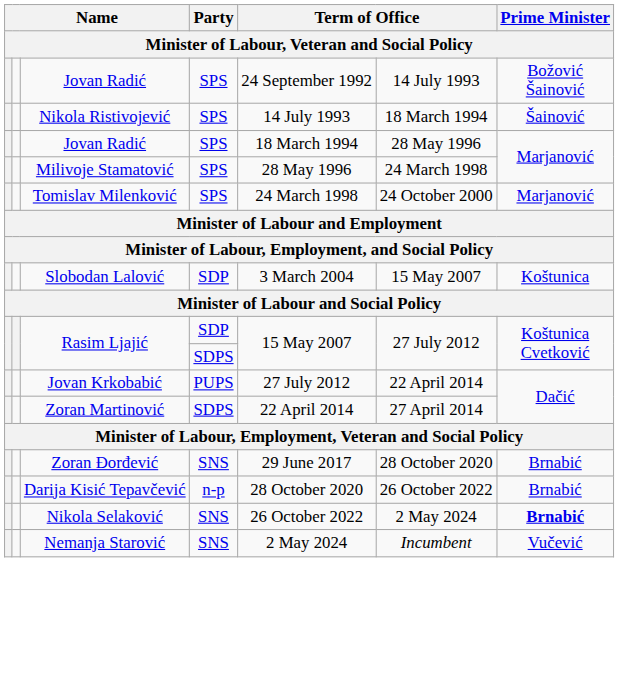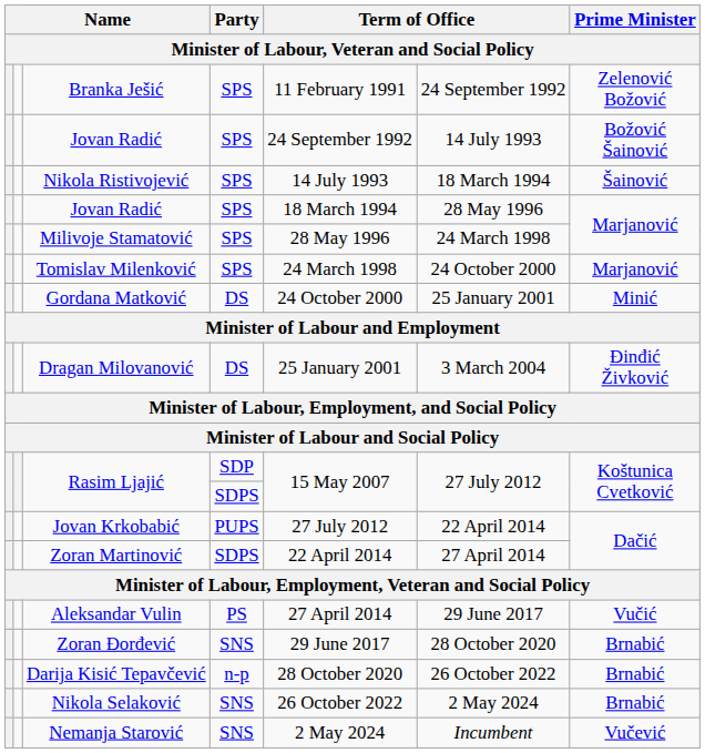 <table class="wikitable" style="text-align:center;">
 <tr>
 <th colspan=3>Name<br></th>
 <th>Party</th>
 <th colspan=2>Term of Office</th>
 <th><a href='#'>Prime Minister</a><br></th>
 </tr>
 <tr>
 <th colspan="7">Minister of Labour, Veteran and Social Policy</th>
+</tr>
+<tr>
+<th style="background:"></th>
+<td></td>
+<td><a href='#'>Branka Ješić</a><br></td>
+<td><a href='#'>SPS</a></td>
+<td>11 February 1991</td>
+<td>24 September 1992</td>
+<td><a href='#'>Zelenović</a> <br><a href='#'>Božović</a> </td>
 </tr>
 <tr>
 <th style="background:"></th>
 <td></td>
 <td><a href='#'>Jovan Radić</a><br></td>
 <td><a href='#'>SPS</a></td>
 <td>24 September 1992</td>
 <td>14 July 1993</td>
 <td><a href='#'>Božović</a> <br><a href='#'>Šainović</a> </td>
 </tr>
 <tr>
 <th style="background:"></th>
 <td></td>
 <td><a href='#'>Nikola Ristivojević</a></td>
 <td><a href='#'>SPS</a></td>
 <td>14 July 1993</td>
 <td>18 March 1994</td>
 <td><a href='#'>Šainović</a> </td>
 </tr>
 <tr>
 <th style="background:"></th>
 <td></td>
 <td><a href='#'>Jovan Radić</a><br></td>
 <td><a href='#'>SPS</a></td>
 <td>18 March 1994</td>
 <td>28 May 1996</td>
 <td rowspan=2><a href='#'>Marjanović</a> </td>
 </tr>
 <tr>
 <th style="background:"></th>
 <td></td>
 <td><a href='#'>Milivoje Stamatović</a><br></td>
 <td><a href='#'>SPS</a></td>
 <td>28 May 1996</td>
 <td>24 March 1998</td>
 </tr>
 <tr>
 <th style="background:"></th>
 <td></td>
 <td><a href='#'>Tomislav Milenković</a><br></td>
 <td><a href='#'>SPS</a></td>
 <td>24 March 1998</td>
 <td>24 October 2000</td>
 <td><a href='#'>Marjanović</a> </td>
 </tr>
 <tr>
-<th colspan="7">Minister of Labour and Employment</th>
+<th style="background:"></th>
+<td></td>
+<td><a href='#'>Gordana Matković</a><br></td>
+<td><a href='#'>DS</a></td>
+<td>24 October 2000</td>
+<td>25 January 2001</td>
+<td><a href='#'>Minić</a> </td>
 </tr>
 <tr>
-<th colspan="7">Minister of Labour, Employment, and Social Policy</th>
+<th colspan="7">Minister of Labour and Employment</th>
 </tr>
 <tr>
 <th style="background:"></th>
 <td></td>
-<td><a href='#'>Slobodan Lalović</a><br></td>
-<td><a href='#'>SDP</a></td>
+<td><a href='#'>Dragan Milovanović</a><br></td>
+<td><a href='#'>DS</a></td>
+<td>25 January 2001</td>
 <td>3 March 2004</td>
-<td>15 May 2007</td>
-<td><a href='#'>Koštunica</a> </td>
+<td><a href='#'>Đinđić</a> <br><a href='#'>Živković</a> </td>
+</tr>
+<tr>
+<th colspan="7">Minister of Labour, Employment, and Social Policy</th>
 </tr>
 <tr>
 <th colspan="7">Minister of Labour and Social Policy</th>
 </tr>
 <tr>
 <th rowspan=2 style="background:"></th>
 <th rowspan=2></th>
 <td rowspan=2><a href='#'>Rasim Ljajić</a><br></td>
 <td><a href='#'>SDP</a></td>
 <td rowspan=2>15 May 2007</td>
 <td rowspan=2>27 July 2012</td>
 <td rowspan=2><a href='#'>Koštunica</a> <br><a href='#'>Cvetković</a> </td>
 </tr>
 <tr>
 <td><a href='#'>SDPS</a></td>
 </tr>
 <tr>
 <th style="background:"></th>
 <td></td>
 <td><a href='#'>Jovan Krkobabić</a><br></td>
 <td><a href='#'>PUPS</a></td>
 <td>27 July 2012</td>
 <td>22 April 2014<br></td>
 <td rowspan=2><a href='#'>Dačić</a> </td>
 </tr>
 <tr>
 <th style="background:"></th>
 <td></td>
 <td><a href='#'>Zoran Martinović</a><br></td>
 <td><a href='#'>SDPS</a></td>
 <td>22 April 2014</td>
 <td>27 April 2014</td>
 </tr>
 <tr>
 <th colspan="7">Minister of Labour, Employment, Veteran and Social Policy</th>
 </tr>
 <tr>
 <th style="background:"></th>
 <td></td>
+<td><a href='#'>Aleksandar Vulin</a><br></td>
+<td><a href='#'>PS</a></td>
+<td>27 April 2014</td>
+<td>29 June 2017</td>
+<td><a href='#'>Vučić</a> </td>
+</tr>
+<tr>
+<th style="background:"></th>
+<td></td>
 <td><a href='#'>Zoran Đorđević</a><br></td>
 <td><a href='#'>SNS</a></td>
 <td>29 June 2017</td>
 <td>28 October 2020</td>
 <td><a href='#'>Brnabić</a> </td>
 </tr>
 <tr>
 <th style="background:"></th>
 <td></td>
 <td><a href='#'>Darija Kisić Tepavčević</a><br></td>
 <td><a href='#'>n-p</a></td>
 <td>28 October 2020</td>
 <td>26 October 2022</td>
 <td><a href='#'>Brnabić</a> </td>
 </tr>
 <tr>
 <th style="background:"></th>
 <td></td>
 <td><a href='#'>Nikola Selaković</a><br></td>
 <td><a href='#'>SNS</a></td>
 <td>26 October 2022</td>
 <td>2 May 2024</td>
-<td><strong><a href='#'>Brnabić</a> </strong></td>
+<td><a href='#'>Brnabić</a> </td>
 </tr>
 <tr>
 <th style="background:"></th>
 <td></td>
 <td><a href='#'>Nemanja Starović</a><br></td>
 <td><a href='#'>SNS</a></td>
 <td>2 May 2024</td>
 <td><em>Incumbent</em></td>
 <td><a href='#'>Vučević</a> </td>
 </tr>
 </table>
